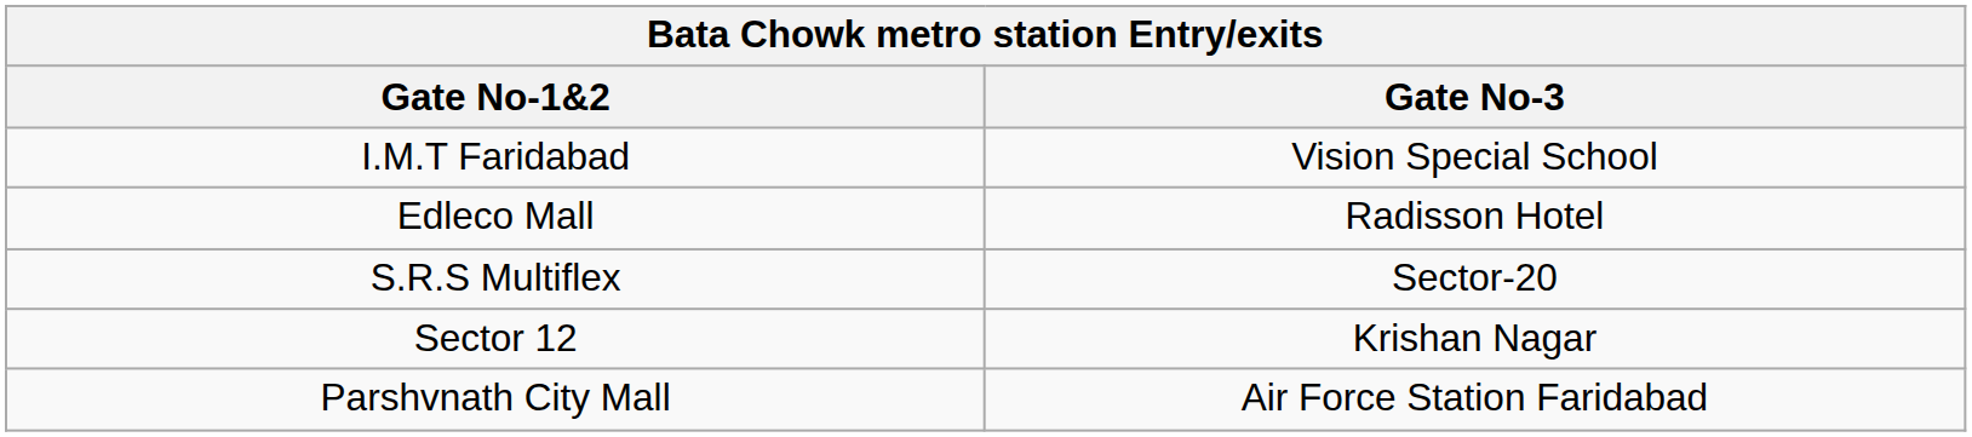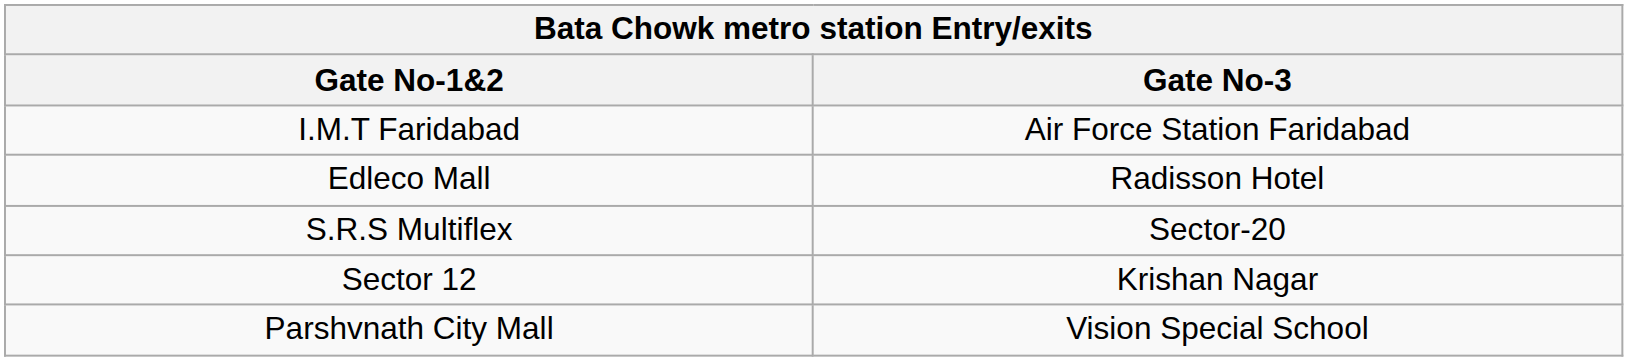 <table class="wikitable" style="text-align: center;" width="65%">
 <tr>
 <th align="center" colspan="5" style="background:#"><span>Bata Chowk metro station Entry/exits</span></th>
 </tr>
 <tr>
 <th style="width:15%;">Gate No-1&2</th>
 <th style="width:15%;">Gate No-3</th>
 </tr>
 <tr>
 <td>I.M.T Faridabad</td>
-<td>Vision Special School</td>
+<td>Air Force Station Faridabad</td>
 </tr>
 <tr>
 <td>Edleco Mall</td>
 <td>Radisson Hotel</td>
 </tr>
 <tr>
 <td>S.R.S Multiflex</td>
 <td>Sector-20</td>
 </tr>
 <tr>
 <td>Sector 12</td>
 <td>Krishan Nagar</td>
 </tr>
 <tr>
 <td>Parshvnath City Mall</td>
-<td>Air Force Station Faridabad</td>
+<td>Vision Special School</td>
 </tr>
 </table>
